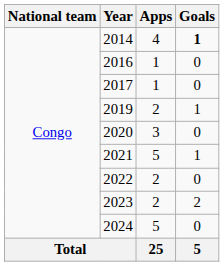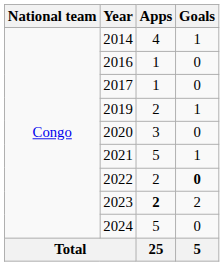 <table class=wikitable style=text-align:center>
 <tr>
 <th>National team</th>
 <th>Year</th>
 <th>Apps</th>
 <th>Goals</th>
 </tr>
 <tr>
 <td rowspan="9"><a href='#'>Congo</a></td>
 <td>2014</td>
 <td>4</td>
-<td><strong>1</strong></td>
+<td>1</td>
 </tr>
 <tr>
 <td>2016</td>
 <td>1</td>
 <td>0</td>
 </tr>
 <tr>
 <td>2017</td>
 <td>1</td>
 <td>0</td>
 </tr>
 <tr>
 <td>2019</td>
 <td>2</td>
 <td>1</td>
 </tr>
 <tr>
 <td>2020</td>
 <td>3</td>
 <td>0</td>
 </tr>
 <tr>
 <td>2021</td>
 <td>5</td>
 <td>1</td>
 </tr>
 <tr>
 <td>2022</td>
 <td>2</td>
-<td>0</td>
+<td><strong>0</strong></td>
 </tr>
 <tr>
 <td>2023</td>
-<td>2</td>
+<td><strong>2</strong></td>
 <td>2</td>
 </tr>
 <tr>
 <td>2024</td>
 <td>5</td>
 <td>0</td>
 </tr>
 <tr>
 <th colspan="2">Total</th>
 <th>25</th>
 <th>5</th>
 </tr>
 </table>
